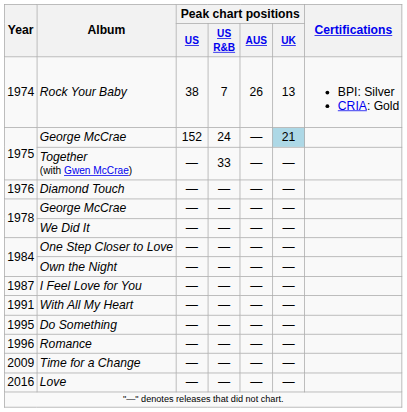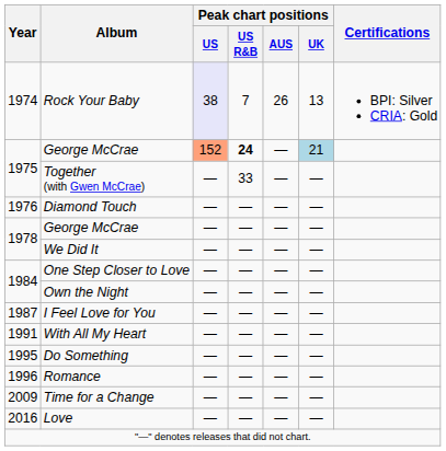 <table class="wikitable">
 <tr>
 <th scope="col" rowspan="2">Year</th>
 <th scope="col" rowspan="2">Album</th>
 <th scope="col" colspan="4">Peak chart positions</th>
 <th scope="col" rowspan="2"><a href='#'>Certifications</a></th>
 </tr>
 <tr>
 <th style="width:35px;"><small><a href='#'>US</a></small><br></th>
 <th style="width:35px;"><small><a href='#'>US R&B</a></small><br></th>
 <th style="width:35px;"><small><a href='#'>AUS</a></small><br></th>
 <th style="width:35px;"><small><a href='#'>UK</a></small><br></th>
 </tr>
 <tr>
 <td>1974</td>
 <td><em>Rock Your Baby</em></td>
-<td align=center>38</td>
+<td align=center style="background: lavender;">38</td>
 <td align=center>7</td>
 <td align=center>26</td>
 <td align=center>13</td>
 <td><br><ul><li>BPI: Silver</li><li><a href='#'>CRIA</a>: Gold</li></ul></td>
 </tr>
 <tr>
 <td rowspan="2">1975</td>
 <td><em>George McCrae</em></td>
-<td align=center>152</td>
-<td align=center>24</td>
+<td align=center style="background: lightsalmon;">152</td>
+<td align=center><strong>24</strong></td>
 <td align=center>—</td>
 <td align=center style="background: lightblue;">21</td>
 <td></td>
 </tr>
 <tr>
 <td><em>Together</em><br><small>(with <a href='#'>Gwen McCrae</a>)</small></td>
 <td align=center>—</td>
 <td align=center>33</td>
 <td align=center>—</td>
 <td align=center>—</td>
 <td></td>
 </tr>
 <tr>
 <td>1976</td>
 <td><em>Diamond Touch</em></td>
 <td align=center>—</td>
 <td align=center>—</td>
 <td align=center>—</td>
 <td align=center>—</td>
 <td></td>
 </tr>
 <tr>
 <td rowspan="2">1978</td>
 <td><em>George McCrae</em></td>
 <td align=center>—</td>
 <td align=center>—</td>
 <td align=center>—</td>
 <td align=center>—</td>
 <td></td>
 </tr>
 <tr>
 <td><em>We Did It</em></td>
 <td align=center>—</td>
 <td align=center>—</td>
 <td align=center>—</td>
 <td align=center>—</td>
 <td></td>
 </tr>
 <tr>
 <td rowspan="2">1984</td>
 <td><em>One Step Closer to Love</em></td>
 <td align=center>—</td>
 <td align=center>—</td>
 <td align=center>—</td>
 <td align=center>—</td>
 <td></td>
 </tr>
 <tr>
 <td><em>Own the Night</em></td>
 <td align=center>—</td>
 <td align=center>—</td>
 <td align=center>—</td>
 <td align=center>—</td>
 <td></td>
 </tr>
 <tr>
 <td>1987</td>
 <td><em>I Feel Love for You</em></td>
 <td align=center>—</td>
 <td align=center>—</td>
 <td align=center>—</td>
 <td align=center>—</td>
 <td></td>
 </tr>
 <tr>
 <td rowspan="1">1991</td>
 <td><em>With All My Heart</em></td>
 <td align=center>—</td>
 <td align=center>—</td>
 <td align=center>—</td>
 <td align=center>—</td>
 <td></td>
 </tr>
 <tr>
 <td>1995</td>
 <td><em>Do Something</em></td>
 <td align=center>—</td>
 <td align=center>—</td>
 <td align=center>—</td>
 <td align=center>—</td>
 <td></td>
 </tr>
 <tr>
 <td>1996</td>
 <td><em>Romance</em></td>
 <td align=center>—</td>
 <td align=center>—</td>
 <td align=center>—</td>
 <td align=center>—</td>
 <td></td>
 </tr>
 <tr>
 <td>2009</td>
 <td><em>Time for a Change</em></td>
 <td align=center>—</td>
 <td align=center>—</td>
 <td align=center>—</td>
 <td align=center>—</td>
 <td></td>
 </tr>
 <tr>
 <td>2016</td>
 <td><em>Love</em></td>
 <td align=center>—</td>
 <td align=center>—</td>
 <td align=center>—</td>
 <td align=center>—</td>
 <td></td>
 </tr>
 <tr>
 <td colspan="7" style="text-align:center; font-size:9pt;">"—" denotes releases that did not chart.</td>
 </tr>
 </table>
